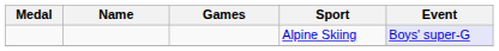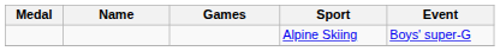 <table class="wikitable sortable">
 <tr>
 <th style="width:5em">Medal</th>
 <th style="width:12em">Name</th>
 <th style="width:12em">Games</th>
 <th style="width:12em">Sport</th>
 <th style="width:12em">Event</th>
 </tr>
 <tr>
 <td></td>
 <td></td>
 <td></td>
 <td> <a href='#'>Alpine Skiing</a></td>
-<td style="background: lavender;"><a href='#'>Boys' super-G</a></td>
+<td><a href='#'>Boys' super-G</a></td>
 </tr>
 <tr>
 </tr>
 </table>
